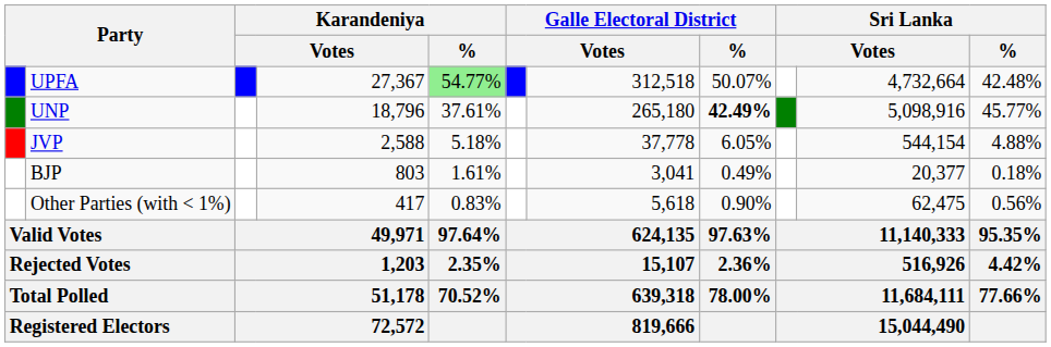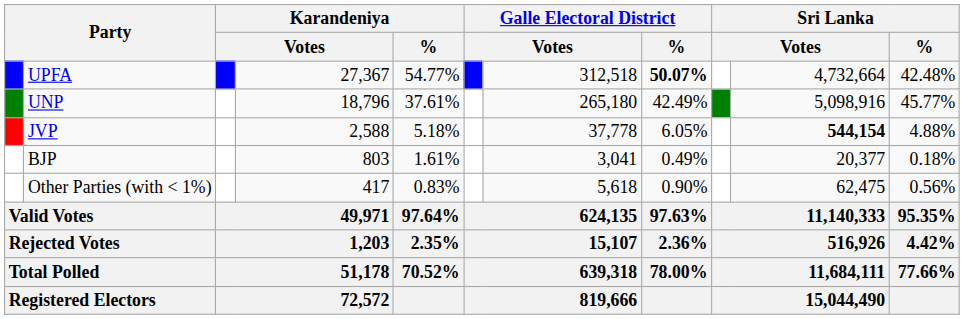 <table class="wikitable">
 <tr>
 <th colspan="2" width="144px"rowspan="2">Party</th>
 <th colspan="3" width="216px">Karandeniya</th>
 <th colspan="3" width="216px"><a href='#'>Galle Electoral District</a></th>
 <th colspan="3" width="216px">Sri Lanka</th>
 </tr>
 <tr>
 <th colspan="2" width="144px">Votes</th>
 <th>%</th>
 <th colspan="2" width="144px">Votes</th>
 <th>%</th>
 <th colspan="2" width="144px">Votes</th>
 <th>%</th>
 </tr>
 <tr>
 <td style="background-color:blue;" width="10px"></td>
 <td style="text-align:left;"><a href='#'>UPFA</a></td>
 <td style="background-color:blue;" width="10px"></td>
 <td style="text-align:right;">27,367</td>
-<td style="background: lightgreen; text-align:right;">54.77%</td>
+<td style="text-align:right;">54.77%</td>
 <td style="background-color:blue;" width="10px"></td>
 <td style="text-align:right;">312,518</td>
-<td style="text-align:right;">50.07%</td>
+<td style="text-align:right;"><strong>50.07%</strong></td>
 <td style="background-color:white;" width="10px"></td>
 <td style="text-align:right;">4,732,664</td>
 <td style="text-align:right;">42.48%</td>
 </tr>
 <tr>
 <td style="background-color:green;" width="10px"></td>
 <td style="text-align:left;"><a href='#'>UNP</a></td>
 <td style="background-color:white;" width="10px"></td>
 <td style="text-align:right;">18,796</td>
 <td style="text-align:right;">37.61%</td>
 <td style="background-color:white;" width="10px"></td>
 <td style="text-align:right;">265,180</td>
-<td style="text-align:right;"><strong>42.49%</strong></td>
+<td style="text-align:right;">42.49%</td>
 <td style="background-color:green;" width="10px"></td>
 <td style="text-align:right;">5,098,916</td>
 <td style="text-align:right;">45.77%</td>
 </tr>
 <tr>
 <td style="background-color:red;" width="10px"></td>
 <td style="text-align:left;"><a href='#'>JVP</a></td>
 <td style="background-color:white;" width="10px"></td>
 <td style="text-align:right;">2,588</td>
 <td style="text-align:right;">5.18%</td>
 <td style="background-color:white;" width="10px"></td>
 <td style="text-align:right;">37,778</td>
 <td style="text-align:right;">6.05%</td>
 <td style="background-color:white;" width="10px"></td>
-<td style="text-align:right;">544,154</td>
+<td style="text-align:right;"><strong>544,154</strong></td>
 <td style="text-align:right;">4.88%</td>
 </tr>
 <tr>
 <td style="background-color:white;" width="10px"></td>
 <td style="text-align:left;">BJP</td>
 <td style="background-color:white;" width="10px"></td>
 <td style="text-align:right;">803</td>
 <td style="text-align:right;">1.61%</td>
 <td style="background-color:white;" width="10px"></td>
 <td style="text-align:right;">3,041</td>
 <td style="text-align:right;">0.49%</td>
 <td style="background-color:white;" width="10px"></td>
 <td style="text-align:right;">20,377</td>
 <td style="text-align:right;">0.18%</td>
 </tr>
 <tr>
 <td style="background-color:white;" width="10px"></td>
 <td style="text-align:left;">Other Parties (with < 1%)</td>
 <td style="background-color:white;" width="10px"></td>
 <td style="text-align:right;">417</td>
 <td style="text-align:right;">0.83%</td>
 <td style="background-color:white;" width="10px"></td>
 <td style="text-align:right;">5,618</td>
 <td style="text-align:right;">0.90%</td>
 <td style="background-color:white;" width="10px"></td>
 <td style="text-align:right;">62,475</td>
 <td style="text-align:right;">0.56%</td>
 </tr>
 <tr>
 <th colspan="2" width="144px"style="text-align:left;">Valid Votes</th>
 <th style="text-align:right;"colspan="2" width="144px">49,971</th>
 <th style="text-align:right;">97.64%</th>
 <th style="text-align:right;"colspan="2" width="144px">624,135</th>
 <th style="text-align:right;">97.63%</th>
 <th style="text-align:right;"colspan="2" width="144px">11,140,333</th>
 <th style="text-align:right;">95.35%</th>
 </tr>
 <tr>
 <th colspan="2" width="144px"style="text-align:left;">Rejected Votes</th>
 <th style="text-align:right;"colspan="2" width="144px">1,203</th>
 <th style="text-align:right;">2.35%</th>
 <th style="text-align:right;"colspan="2" width="144px">15,107</th>
 <th style="text-align:right;">2.36%</th>
 <th style="text-align:right;"colspan="2" width="144px">516,926</th>
 <th style="text-align:right;">4.42%</th>
 </tr>
 <tr>
 <th colspan="2" width="144px"style="text-align:left;">Total Polled</th>
 <th style="text-align:right;"colspan="2" width="144px">51,178</th>
 <th style="text-align:right;">70.52%</th>
 <th style="text-align:right;"colspan="2" width="144px">639,318</th>
 <th style="text-align:right;">78.00%</th>
 <th style="text-align:right;"colspan="2" width="144px">11,684,111</th>
 <th style="text-align:right;">77.66%</th>
 </tr>
 <tr>
 <th colspan="2" width="144px"style="text-align:left;">Registered Electors</th>
 <th style="text-align:right;"colspan="2" width="144px">72,572</th>
 <th></th>
 <th style="text-align:right;"colspan="2" width="144px">819,666</th>
 <th></th>
 <th style="text-align:right;"colspan="2" width="144px">15,044,490</th>
 <th></th>
 </tr>
 </table>
